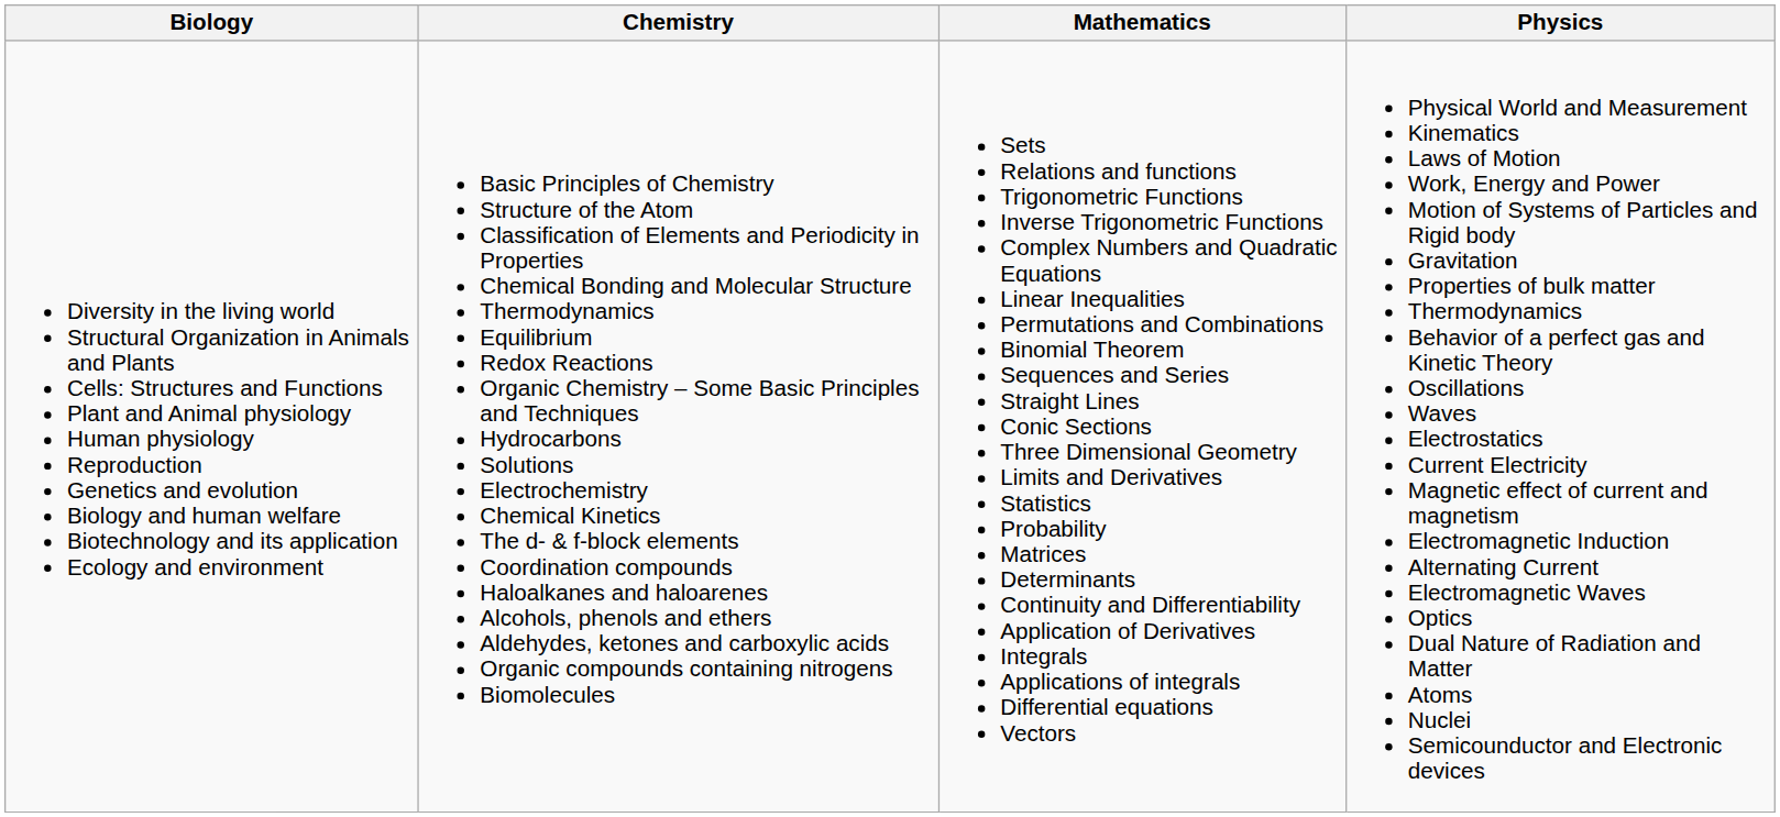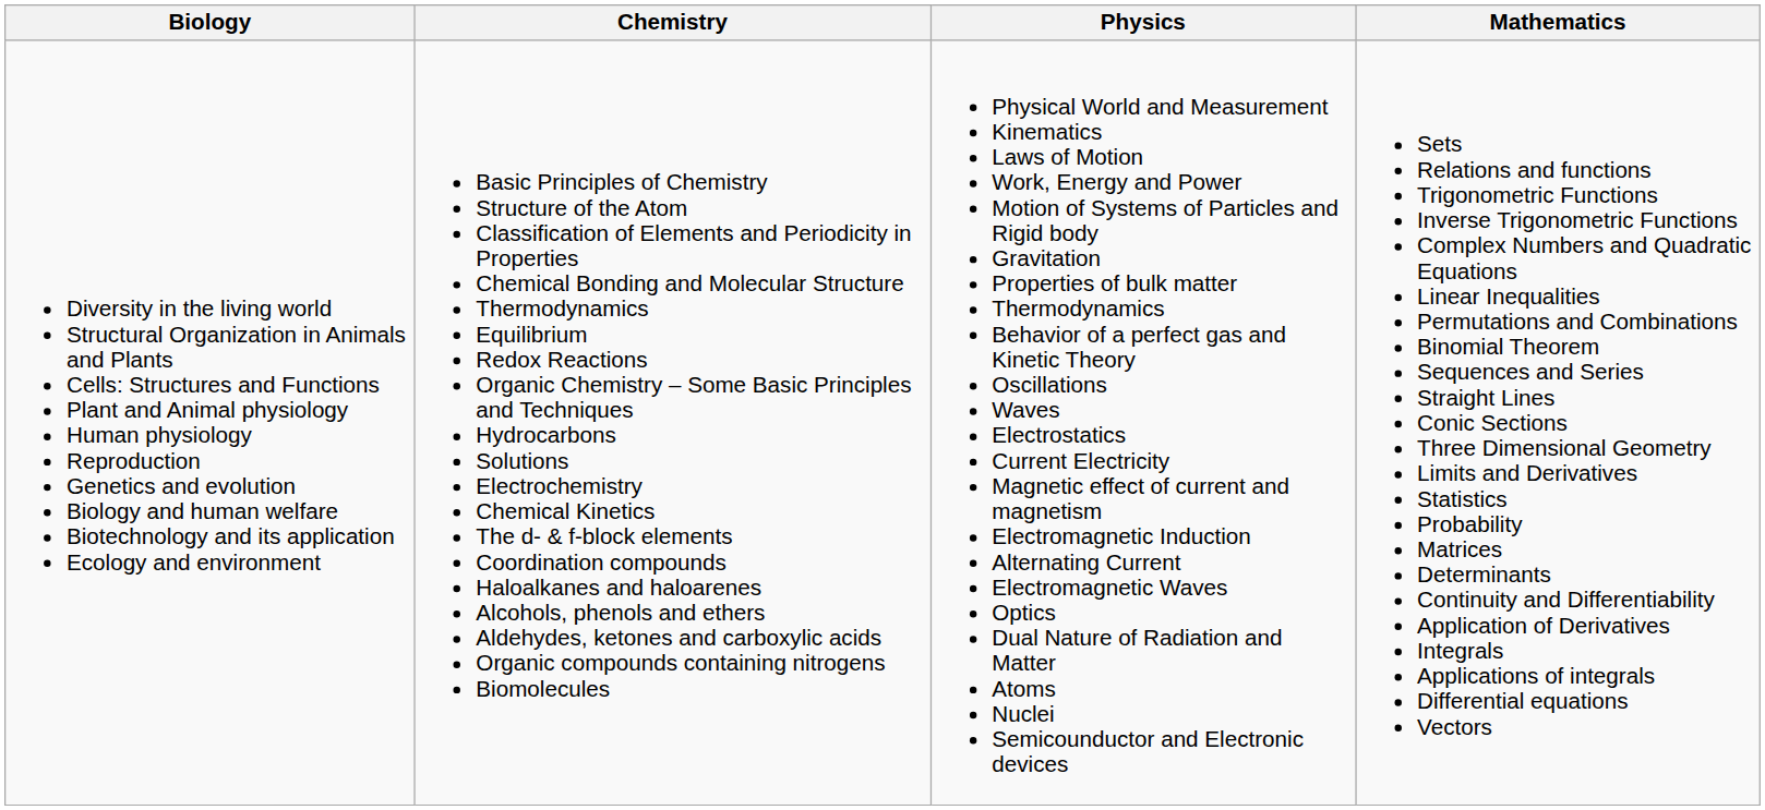 <table class="wikitable">
 <tr>
 <th>Biology</th>
 <th>Chemistry</th>
+<th>Physics</th>
 <th>Mathematics</th>
-<th>Physics</th>
 </tr>
 <tr>
 <td><br><ul><li>Diversity in the living world</li><li>Structural Organization in Animals and Plants</li><li>Cells: Structures and Functions</li><li>Plant and Animal physiology</li><li>Human physiology</li><li>Reproduction</li><li>Genetics and evolution</li><li>Biology and human welfare</li><li>Biotechnology and its application</li><li>Ecology and environment</li></ul></td>
 <td><br><ul><li>Basic Principles of Chemistry</li><li>Structure of the Atom</li><li>Classification of Elements and Periodicity in Properties</li><li>Chemical Bonding and Molecular Structure</li><li>Thermodynamics</li><li>Equilibrium</li><li>Redox Reactions</li><li>Organic Chemistry – Some Basic Principles and Techniques</li><li>Hydrocarbons</li><li>Solutions</li><li>Electrochemistry</li><li>Chemical Kinetics</li><li>The d- & f-block elements</li><li>Coordination compounds</li><li>Haloalkanes and haloarenes</li><li>Alcohols, phenols and ethers</li><li>Aldehydes, ketones and carboxylic acids</li><li>Organic compounds containing nitrogens</li><li>Biomolecules</li></ul></td>
+<td><br><ul><li>Physical World and Measurement</li><li>Kinematics</li><li>Laws of Motion</li><li>Work, Energy and Power</li><li>Motion of Systems of Particles and Rigid body</li><li>Gravitation</li><li>Properties of bulk matter</li><li>Thermodynamics</li><li>Behavior of a perfect gas and Kinetic Theory</li><li>Oscillations</li><li>Waves</li><li>Electrostatics</li><li>Current Electricity</li><li>Magnetic effect of current and magnetism</li><li>Electromagnetic Induction</li><li>Alternating Current</li><li>Electromagnetic Waves</li><li>Optics</li><li>Dual Nature of Radiation and Matter</li><li>Atoms</li><li>Nuclei</li><li>Semicounductor and Electronic devices</li></ul></td>
 <td><br><ul><li>Sets</li><li>Relations and functions</li><li>Trigonometric Functions</li><li>Inverse Trigonometric Functions</li><li>Complex Numbers and Quadratic Equations</li><li>Linear Inequalities</li><li>Permutations and Combinations</li><li>Binomial Theorem</li><li>Sequences and Series</li><li>Straight Lines</li><li>Conic Sections</li><li>Three Dimensional Geometry</li><li>Limits and Derivatives</li><li>Statistics</li><li>Probability</li><li>Matrices</li><li>Determinants</li><li>Continuity and Differentiability</li><li>Application of Derivatives</li><li>Integrals</li><li>Applications of integrals</li><li>Differential equations</li><li>Vectors</li></ul></td>
-<td><br><ul><li>Physical World and Measurement</li><li>Kinematics</li><li>Laws of Motion</li><li>Work, Energy and Power</li><li>Motion of Systems of Particles and Rigid body</li><li>Gravitation</li><li>Properties of bulk matter</li><li>Thermodynamics</li><li>Behavior of a perfect gas and Kinetic Theory</li><li>Oscillations</li><li>Waves</li><li>Electrostatics</li><li>Current Electricity</li><li>Magnetic effect of current and magnetism</li><li>Electromagnetic Induction</li><li>Alternating Current</li><li>Electromagnetic Waves</li><li>Optics</li><li>Dual Nature of Radiation and Matter</li><li>Atoms</li><li>Nuclei</li><li>Semicounductor and Electronic devices</li></ul></td>
 </tr>
 </table>
